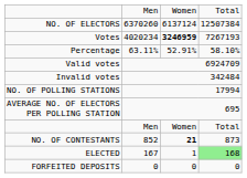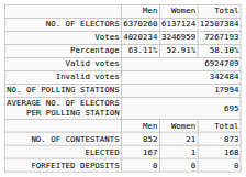 <table class="wikitable" style="text-align:right; font-size:95%;">
 <tr>
 <td></td>
 <td>Men</td>
 <td>Women</td>
 <td>Total</td>
 </tr>
 <tr>
 <td>NO. OF ELECTORS</td>
 <td>6370260</td>
 <td>6137124</td>
 <td>12507384</td>
 </tr>
 <tr>
 <td>Votes</td>
 <td>4020234</td>
-<td><strong>3246959</strong></td>
+<td>3246959</td>
 <td>7267193</td>
 </tr>
 <tr>
 <td>Percentage</td>
 <td>63.11%</td>
 <td>52.91%</td>
 <td>58.10%</td>
 </tr>
 <tr>
 <td>Valid votes</td>
 <td colspan="3" align="right">6924709</td>
 </tr>
 <tr>
 <td>Invalid votes</td>
 <td colspan="3" align="right">342484</td>
 </tr>
 <tr>
 <td>NO. OF POLLING STATIONS</td>
 <td colspan="3">17994</td>
 </tr>
 <tr>
 <td>AVERAGE NO. OF ELECTORS<br>PER POLLING STATION</td>
 <td colspan="3">695</td>
 </tr>
 <tr>
 <td></td>
 <td>Men</td>
 <td>Women</td>
 <td>Total</td>
 </tr>
 <tr>
 <td>NO. OF CONTESTANTS</td>
 <td>852</td>
-<td><strong>21</strong></td>
+<td>21</td>
 <td>873</td>
 </tr>
 <tr>
 <td>ELECTED</td>
 <td>167</td>
 <td>1</td>
-<td style="background: lightgreen;">168</td>
+<td>168</td>
 </tr>
 <tr>
 <td>FORFEITED DEPOSITS</td>
 <td>0</td>
 <td>0</td>
 <td>0</td>
 </tr>
 </table>
